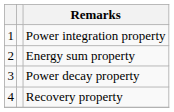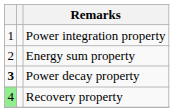 <table class="wikitable">
 <tr>
 <th></th>
 <th></th>
 <th>Remarks</th>
 </tr>
 <tr>
 <td>1</td>
 <td align="left"></td>
 <td>Power integration property</td>
 </tr>
 <tr>
 <td>2</td>
 <td align="left"></td>
 <td>Energy sum property</td>
 </tr>
 <tr>
-<td>3</td>
+<td><strong>3</strong></td>
 <td align="left"></td>
 <td>Power decay property</td>
 </tr>
 <tr>
-<td>4</td>
+<td style="background: lightgreen;">4</td>
 <td align="left"></td>
 <td>Recovery property</td>
 </tr>
 <tr>
 </tr>
 </table>
